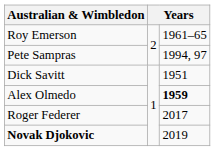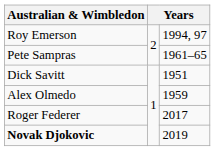 <table class=wikitable style="display:inline-table;">
 <tr>
 <th>Australian & Wimbledon</th>
 <th colspan=2>Years</th>
 </tr>
 <tr>
 <td> Roy Emerson</td>
 <td rowspan=2>2</td>
-<td>1961–65</td>
+<td>1994, 97</td>
 </tr>
 <tr>
 <td> Pete Sampras</td>
-<td>1994, 97</td>
+<td>1961–65</td>
 </tr>
 <tr>
 <td> Dick Savitt</td>
 <td rowspan=4>1</td>
 <td>1951</td>
 </tr>
 <tr>
 <td> Alex Olmedo</td>
-<td><strong>1959</strong></td>
+<td>1959</td>
 </tr>
 <tr>
 <td> Roger Federer</td>
 <td>2017</td>
 </tr>
 <tr>
 <td> <strong>Novak Djokovic</strong></td>
 <td>2019</td>
 </tr>
 </table>
